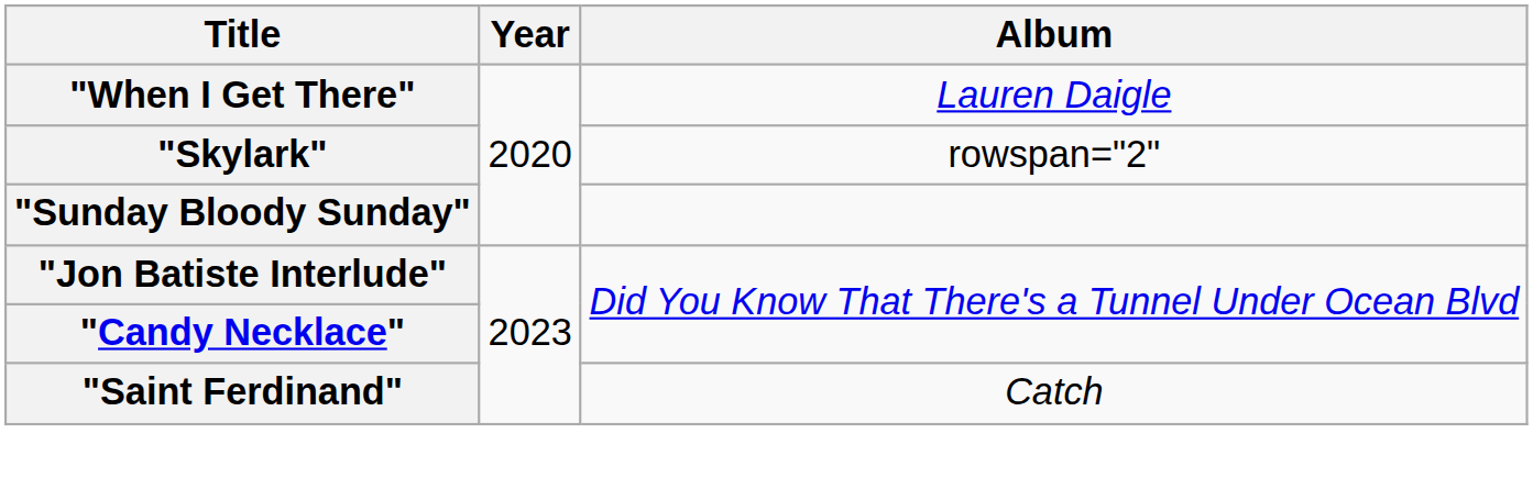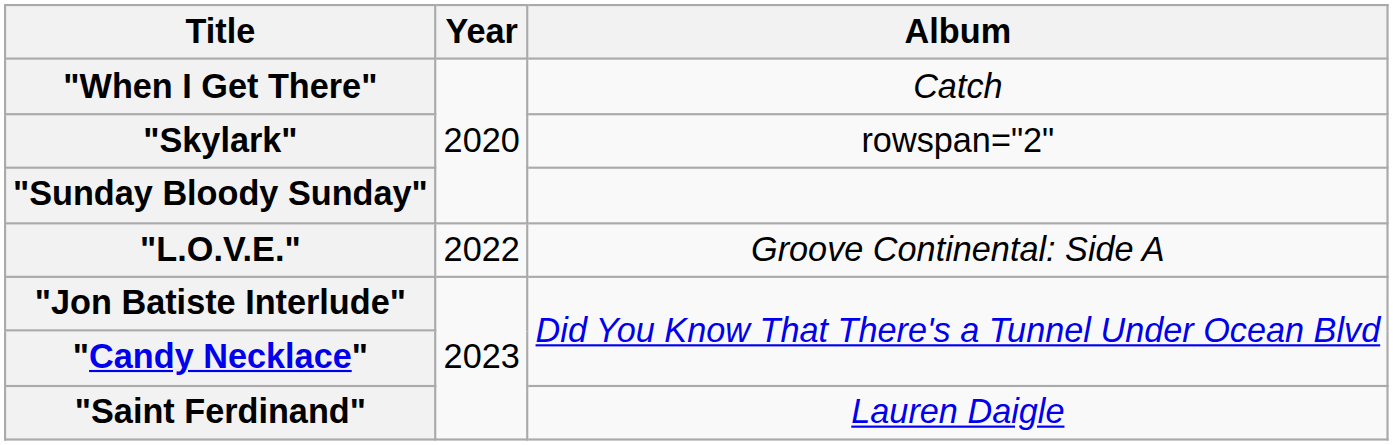 <table class="wikitable plainrowheaders" style="text-align:center;">
 <tr>
 <th>Title</th>
 <th>Year</th>
 <th>Album</th>
 </tr>
 <tr>
 <th scope="row">"When I Get There"<br></th>
 <td rowspan="3">2020</td>
-<td><em><a href='#'>Lauren Daigle</a></em></td>
+<td><em>Catch</em></td>
 </tr>
 <tr>
 <th scope="row">"Skylark"<br></th>
 <td>rowspan="2" </td>
 </tr>
 <tr>
 <th scope="row">"Sunday Bloody Sunday"<br></th>
+</tr>
+<tr>
+<th scope="row">"L.O.V.E."<br></th>
+<td>2022</td>
+<td><em>Groove Continental: Side A</em></td>
 </tr>
 <tr>
 <th scope="row">"Jon Batiste Interlude"<br></th>
 <td rowspan="3">2023</td>
 <td rowspan="2"><em><a href='#'>Did You Know That There's a Tunnel Under Ocean Blvd</a></em></td>
 </tr>
 <tr>
 <th scope="row">"<a href='#'>Candy Necklace</a>"<br></th>
 </tr>
 <tr>
 <th scope="row">"Saint Ferdinand"<br></th>
-<td><em>Catch</em></td>
+<td><em><a href='#'>Lauren Daigle</a></em></td>
 </tr>
 </table>
